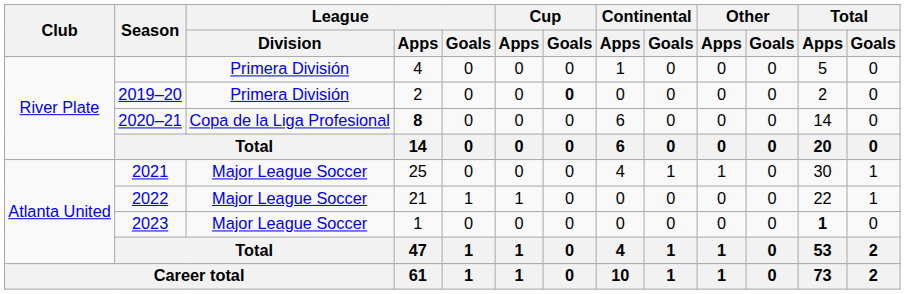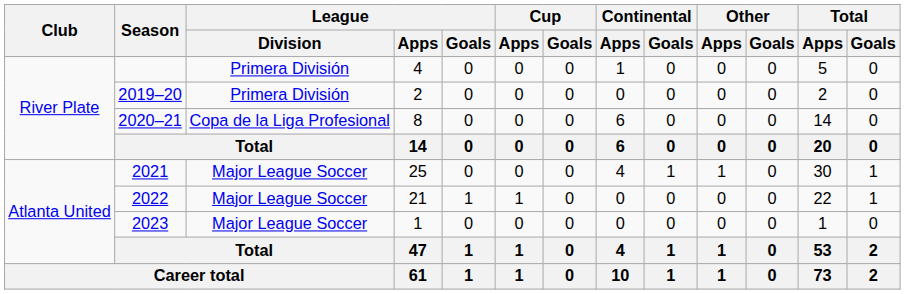 <table class=wikitable style=text-align:center>
 <tr>
 <th rowspan=2>Club</th>
 <th rowspan=2>Season</th>
 <th colspan=3>League</th>
 <th colspan=2>Cup</th>
 <th colspan=2>Continental</th>
 <th colspan=2>Other</th>
 <th colspan=2>Total</th>
 </tr>
 <tr>
 <th>Division</th>
 <th>Apps</th>
 <th>Goals</th>
 <th>Apps</th>
 <th>Goals</th>
 <th>Apps</th>
 <th>Goals</th>
 <th>Apps</th>
 <th>Goals</th>
 <th>Apps</th>
 <th>Goals</th>
 </tr>
 <tr>
 <td rowspan=4><a href='#'>River Plate</a></td>
 <td></td>
 <td><a href='#'>Primera División</a></td>
 <td>4</td>
 <td>0</td>
 <td>0</td>
 <td>0</td>
 <td>1</td>
 <td>0</td>
 <td>0</td>
 <td>0</td>
 <td>5</td>
 <td>0</td>
 </tr>
 <tr>
 <td><a href='#'>2019–20</a></td>
 <td><a href='#'>Primera División</a></td>
 <td>2</td>
 <td>0</td>
 <td>0</td>
-<td><strong>0</strong></td>
+<td>0</td>
 <td>0</td>
 <td>0</td>
 <td>0</td>
 <td>0</td>
 <td>2</td>
 <td>0</td>
 </tr>
 <tr>
 <td><a href='#'>2020–21</a></td>
 <td><a href='#'>Copa de la Liga Profesional</a></td>
-<td><strong>8</strong></td>
+<td>8</td>
 <td>0</td>
 <td>0</td>
 <td>0</td>
 <td>6</td>
 <td>0</td>
 <td>0</td>
 <td>0</td>
 <td>14</td>
 <td>0</td>
 </tr>
 <tr>
 <th colspan=2>Total</th>
 <th>14</th>
 <th>0</th>
 <th>0</th>
 <th>0</th>
 <th>6</th>
 <th>0</th>
 <th>0</th>
 <th>0</th>
 <th>20</th>
 <th>0</th>
 </tr>
 <tr>
 <td rowspan=4><a href='#'>Atlanta United</a></td>
 <td><a href='#'>2021</a></td>
 <td><a href='#'>Major League Soccer</a></td>
 <td>25</td>
 <td>0</td>
 <td>0</td>
 <td>0</td>
 <td>4</td>
 <td>1</td>
 <td>1</td>
 <td>0</td>
 <td>30</td>
 <td>1</td>
 </tr>
 <tr>
 <td><a href='#'>2022</a></td>
 <td><a href='#'>Major League Soccer</a></td>
 <td>21</td>
 <td>1</td>
 <td>1</td>
 <td>0</td>
 <td>0</td>
 <td>0</td>
 <td>0</td>
 <td>0</td>
 <td>22</td>
 <td>1</td>
 </tr>
 <tr>
 <td><a href='#'>2023</a></td>
 <td><a href='#'>Major League Soccer</a></td>
 <td>1</td>
 <td>0</td>
 <td>0</td>
 <td>0</td>
 <td>0</td>
 <td>0</td>
 <td>0</td>
 <td>0</td>
-<td><strong>1</strong></td>
+<td>1</td>
 <td>0</td>
 </tr>
 <tr>
 <th colspan=2>Total</th>
 <th>47</th>
 <th>1</th>
 <th>1</th>
 <th>0</th>
 <th>4</th>
 <th>1</th>
 <th>1</th>
 <th>0</th>
 <th>53</th>
 <th>2</th>
 </tr>
 <tr>
 <th colspan=3>Career total</th>
 <th>61</th>
 <th>1</th>
 <th>1</th>
 <th>0</th>
 <th>10</th>
 <th>1</th>
 <th>1</th>
 <th>0</th>
 <th>73</th>
 <th>2</th>
 </tr>
 </table>
